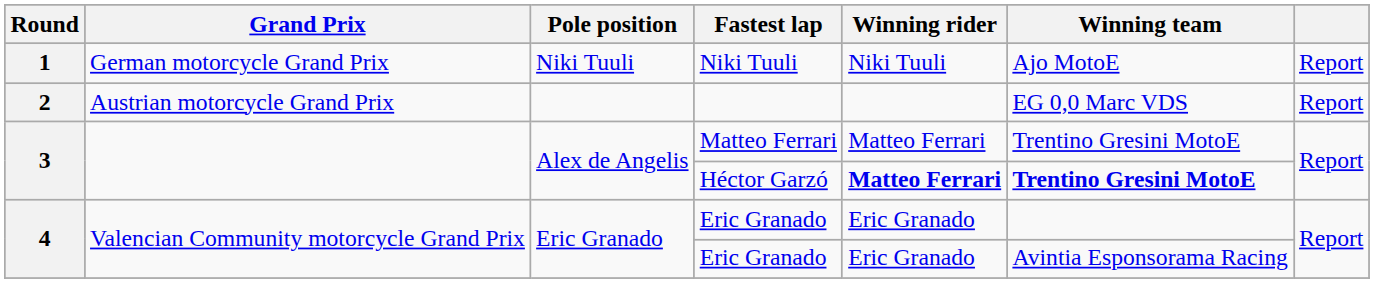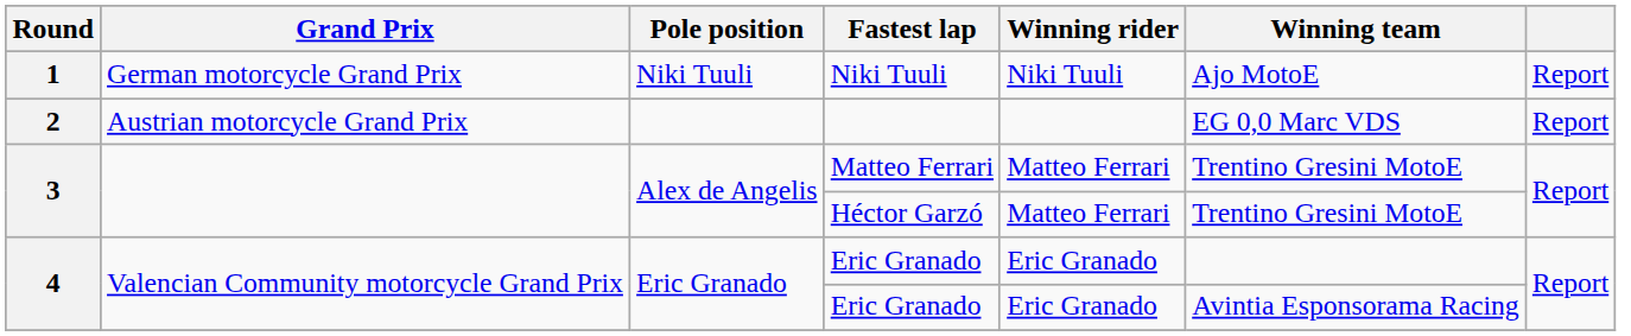 <table class="wikitable sortable" style="font-size: 85%">
 <tr>
 <th>Round</th>
 <th><a href='#'>Grand Prix</a></th>
 <th>Pole position</th>
 <th>Fastest lap</th>
 <th>Winning rider</th>
 <th>Winning team</th>
 <th class="unsortable"></th>
 </tr>
 <tr>
 <th>1</th>
 <td> <a href='#'>German motorcycle Grand Prix</a></td>
 <td> <a href='#'>Niki Tuuli</a></td>
 <td> <a href='#'>Niki Tuuli</a></td>
 <td> <a href='#'>Niki Tuuli</a></td>
 <td> <a href='#'>Ajo MotoE</a></td>
 <td><a href='#'>Report</a></td>
 </tr>
 <tr>
 <th>2</th>
 <td> <a href='#'>Austrian motorcycle Grand Prix</a></td>
 <td></td>
 <td></td>
 <td></td>
 <td> <a href='#'>EG 0,0 Marc VDS</a></td>
 <td><a href='#'>Report</a></td>
 </tr>
 <tr>
 <th rowspan="2">3</th>
 <td rowspan=2></td>
 <td rowspan=2> <a href='#'>Alex de Angelis</a></td>
 <td> <a href='#'>Matteo Ferrari</a></td>
 <td> <a href='#'>Matteo Ferrari</a></td>
 <td> <a href='#'>Trentino Gresini MotoE</a></td>
 <td rowspan=2><a href='#'>Report</a></td>
 </tr>
 <tr>
 <td> <a href='#'>Héctor Garzó</a></td>
-<td><strong> <a href='#'>Matteo Ferrari</a></strong></td>
-<td><strong> <a href='#'>Trentino Gresini MotoE</a></strong></td>
+<td> <a href='#'>Matteo Ferrari</a></td>
+<td> <a href='#'>Trentino Gresini MotoE</a></td>
 </tr>
 <tr>
 <th rowspan="2">4</th>
 <td rowspan=2> <a href='#'>Valencian Community motorcycle Grand Prix</a></td>
 <td rowspan=2> <a href='#'>Eric Granado</a></td>
 <td> <a href='#'>Eric Granado</a></td>
 <td> <a href='#'>Eric Granado</a></td>
 <td></td>
 <td rowspan=2><a href='#'>Report</a></td>
 </tr>
 <tr>
 <td> <a href='#'>Eric Granado</a></td>
 <td> <a href='#'>Eric Granado</a></td>
 <td> <a href='#'>Avintia Esponsorama Racing</a></td>
 </tr>
 </table>
